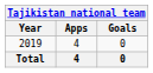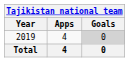 <table class="wikitable" style="text-align:center">
 <tr>
 <th colspan=3><a href='#'>Tajikistan national team</a></th>
 </tr>
 <tr>
 <th>Year</th>
 <th>Apps</th>
 <th>Goals</th>
 </tr>
 <tr>
 <td>2019</td>
 <td>4</td>
-<td>0</td>
+<td style="background: lightgrey;">0</td>
 </tr>
 <tr>
 <th>Total</th>
 <th>4</th>
 <th>0</th>
 </tr>
 </table>
